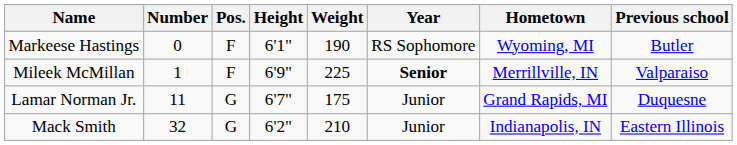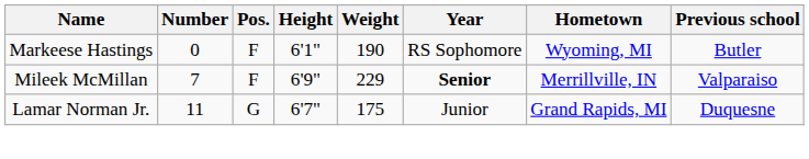 <table class="wikitable sortable sortable" style="text-align: center">
 <tr align=center>
 <th>Name</th>
 <th>Number</th>
 <th>Pos.</th>
 <th>Height</th>
 <th>Weight</th>
 <th>Year</th>
 <th>Hometown</th>
 <th>Previous school</th>
 </tr>
 <tr>
 <td>Markeese Hastings</td>
 <td>0</td>
 <td>F</td>
 <td>6'1"</td>
 <td>190</td>
 <td>RS Sophomore</td>
 <td><a href='#'>Wyoming, MI</a></td>
 <td><a href='#'>Butler</a></td>
 </tr>
 <tr>
 <td>Mileek McMillan</td>
-<td>1</td>
+<td>7</td>
 <td>F</td>
 <td>6'9"</td>
-<td>225</td>
+<td>229</td>
 <td><strong>Senior</strong></td>
 <td><a href='#'>Merrillville, IN</a></td>
 <td><a href='#'>Valparaiso</a></td>
 </tr>
 <tr>
 <td>Lamar Norman Jr.</td>
 <td>11</td>
 <td>G</td>
 <td>6'7"</td>
 <td>175</td>
 <td>Junior</td>
 <td><a href='#'>Grand Rapids, MI</a></td>
 <td><a href='#'>Duquesne</a></td>
 </tr>
-<tr>
-<td>Mack Smith</td>
-<td>32</td>
-<td>G</td>
-<td>6'2"</td>
-<td>210</td>
-<td>Junior</td>
-<td><a href='#'>Indianapolis, IN</a></td>
-<td><a href='#'>Eastern Illinois</a></td>
-</tr>
 </table>
